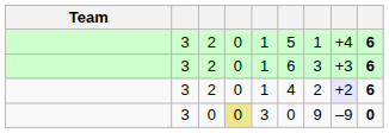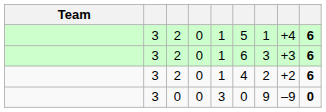 <table class="wikitable" style="text-align:center;">
 <tr>
 <th width="165">Team</th>
 <th width="20"></th>
 <th width="20"></th>
 <th width="20"></th>
 <th width="20"></th>
 <th width="20"></th>
 <th width="20"></th>
 <th width="20"></th>
 <th width="20"><br></th>
 </tr>
 <tr align=center bgcolor="ccffcc">
 <td style="text-align:left;"></td>
 <td>3</td>
 <td>2</td>
 <td>0</td>
 <td>1</td>
 <td>5</td>
 <td>1</td>
 <td>+4</td>
 <td><strong>6</strong></td>
 </tr>
 <tr align=center bgcolor="ccffcc">
 <td style="text-align:left;"></td>
 <td>3</td>
 <td>2</td>
 <td>0</td>
 <td>1</td>
 <td>6</td>
 <td>3</td>
 <td>+3</td>
 <td><strong>6</strong></td>
 </tr>
 <tr>
 <td style="text-align:left;"></td>
 <td>3</td>
 <td>2</td>
 <td>0</td>
 <td>1</td>
 <td>4</td>
 <td>2</td>
-<td style="background: lavender;">+2</td>
+<td>+2</td>
 <td><strong>6</strong></td>
 </tr>
 <tr>
 <td style="text-align:left;"></td>
 <td>3</td>
 <td>0</td>
-<td style="background: khaki;">0</td>
+<td>0</td>
 <td>3</td>
 <td>0</td>
 <td>9</td>
 <td>–9</td>
 <td><strong>0</strong></td>
 </tr>
 </table>
